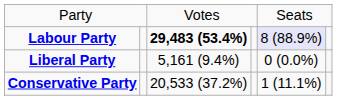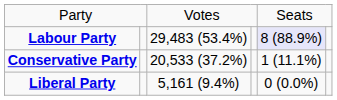 <table class=wikitable style="text-align:center;">
 <tr>
 <td colspan=2>Party</td>
 <td colspan=2>Votes</td>
 <td colspan=2>Seats</td>
 </tr>
 <tr>
 <td><strong><a href='#'>Labour Party</a></strong></td>
 <td style="background:"></td>
-<td><strong>29,483 (53.4%)</strong></td>
+<td>29,483 (53.4%)</td>
 <td></td>
 <td style="background: lavender;">8 (88.9%)</td>
+<td></td>
+</tr>
+<tr>
+<td><strong><a href='#'>Conservative Party</a></strong></td>
+<td style="background:"></td>
+<td>20,533 (37.2%)</td>
+<td></td>
+<td>1 (11.1%)</td>
 <td></td>
 </tr>
 <tr>
 <td><strong><a href='#'>Liberal Party</a></strong></td>
 <td style="background:"></td>
 <td>5,161 (9.4%)</td>
 <td></td>
 <td>0 (0.0%)</td>
 <td></td>
 </tr>
-<tr>
-<td><strong><a href='#'>Conservative Party</a></strong></td>
-<td style="background:"></td>
-<td>20,533 (37.2%)</td>
-<td></td>
-<td>1 (11.1%)</td>
-<td></td>
-</tr>
 </table>
